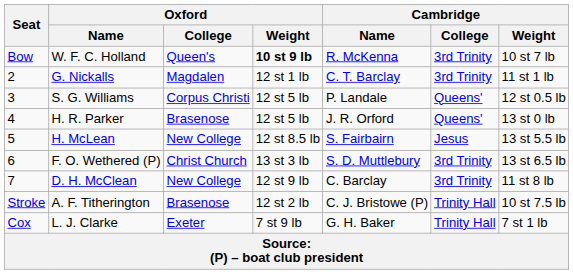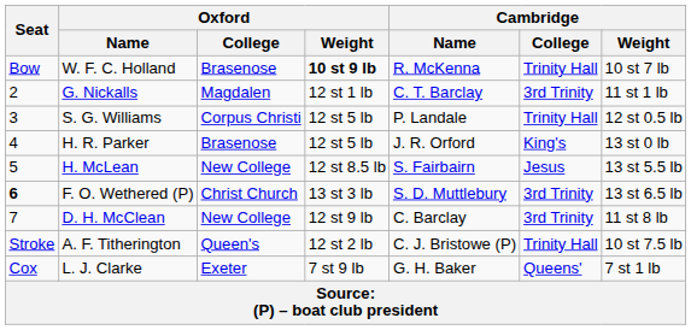 <table class="wikitable">
 <tr>
 <th rowspan="2" scope="col">Seat</th>
 <th colspan="3" scope="col">Oxford <br> </th>
 <th colspan="3" scope="col">Cambridge <br> </th>
 </tr>
 <tr>
 <th>Name</th>
 <th>College</th>
 <th>Weight</th>
 <th>Name</th>
 <th>College</th>
 <th>Weight</th>
 </tr>
 <tr>
 <td><a href='#'>Bow</a></td>
 <td>W. F. C. Holland</td>
-<td><a href='#'>Queen's</a></td>
+<td><a href='#'>Brasenose</a></td>
 <td><strong>10 st 9 lb</strong></td>
 <td><a href='#'>R. McKenna</a></td>
-<td><a href='#'>3rd Trinity</a></td>
+<td><a href='#'>Trinity Hall</a></td>
 <td>10 st 7 lb</td>
 </tr>
 <tr>
 <td>2</td>
 <td><a href='#'>G. Nickalls</a></td>
 <td><a href='#'>Magdalen</a></td>
 <td>12 st 1 lb</td>
 <td><a href='#'>C. T. Barclay</a></td>
 <td><a href='#'>3rd Trinity</a></td>
 <td>11 st 1 lb</td>
 </tr>
 <tr>
 <td>3</td>
 <td>S. G. Williams</td>
 <td><a href='#'>Corpus Christi</a></td>
 <td>12 st 5 lb</td>
 <td>P. Landale</td>
-<td><a href='#'>Queens'</a></td>
+<td><a href='#'>Trinity Hall</a></td>
 <td>12 st 0.5 lb</td>
 </tr>
 <tr>
 <td>4</td>
 <td>H. R. Parker</td>
 <td><a href='#'>Brasenose</a></td>
 <td>12 st 5 lb</td>
 <td>J. R. Orford</td>
-<td><a href='#'>Queens'</a></td>
+<td><a href='#'>King's</a></td>
 <td>13 st 0 lb</td>
 </tr>
 <tr>
 <td>5</td>
 <td><a href='#'>H. McLean</a></td>
 <td><a href='#'>New College</a></td>
 <td>12 st 8.5 lb</td>
 <td><a href='#'>S. Fairbairn</a></td>
 <td><a href='#'>Jesus</a></td>
 <td>13 st 5.5 lb</td>
 </tr>
 <tr>
-<td>6</td>
+<td><strong>6</strong></td>
 <td>F. O. Wethered (P)</td>
 <td><a href='#'>Christ Church</a></td>
 <td>13 st 3 lb</td>
 <td><a href='#'>S. D. Muttlebury</a></td>
 <td><a href='#'>3rd Trinity</a></td>
 <td>13 st 6.5 lb</td>
 </tr>
 <tr>
 <td>7</td>
 <td><a href='#'>D. H. McClean</a></td>
 <td><a href='#'>New College</a></td>
 <td>12 st 9 lb</td>
 <td>C. Barclay</td>
 <td><a href='#'>3rd Trinity</a></td>
 <td>11 st 8 lb</td>
 </tr>
 <tr>
 <td><a href='#'>Stroke</a></td>
 <td>A. F. Titherington</td>
-<td><a href='#'>Brasenose</a></td>
+<td><a href='#'>Queen's</a></td>
 <td>12 st 2 lb</td>
 <td>C. J. Bristowe (P)</td>
 <td><a href='#'>Trinity Hall</a></td>
 <td>10 st 7.5 lb</td>
 </tr>
 <tr>
 <td><a href='#'>Cox</a></td>
 <td>L. J. Clarke</td>
 <td><a href='#'>Exeter</a></td>
 <td>7 st 9 lb</td>
 <td>G. H. Baker</td>
-<td><a href='#'>Trinity Hall</a></td>
+<td><a href='#'>Queens'</a></td>
 <td>7 st 1 lb</td>
 </tr>
 <tr>
 <th colspan="7">Source:<br>(P) – boat club president</th>
 </tr>
 </table>
